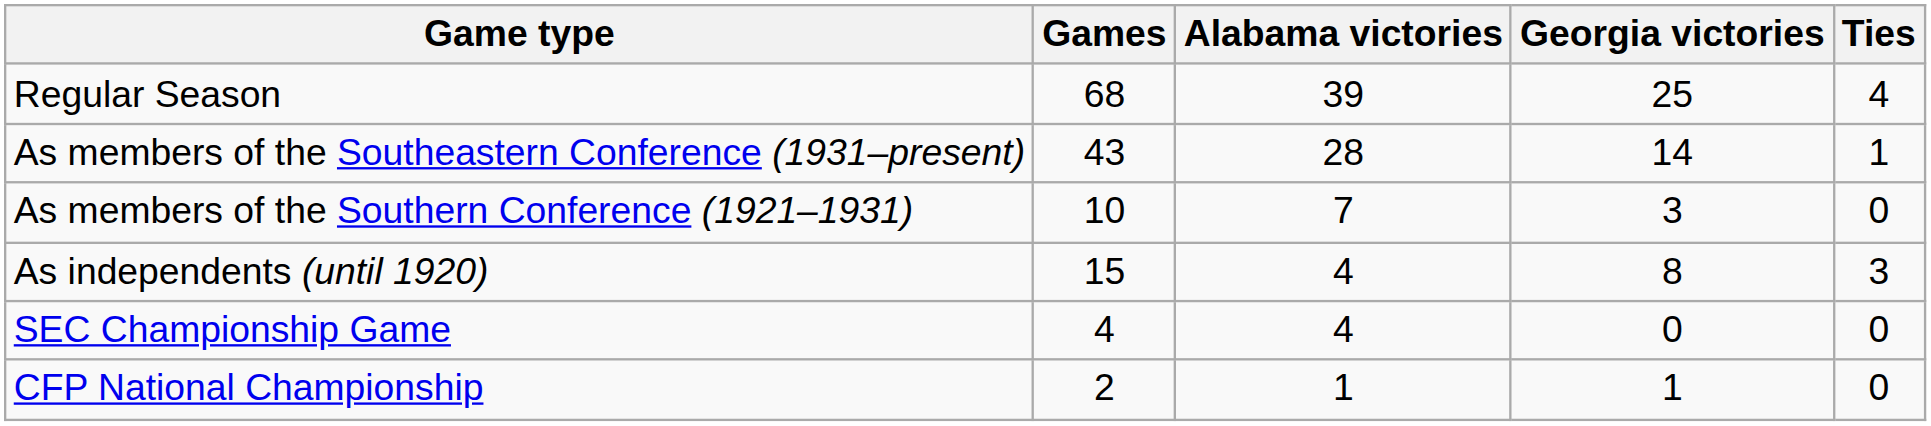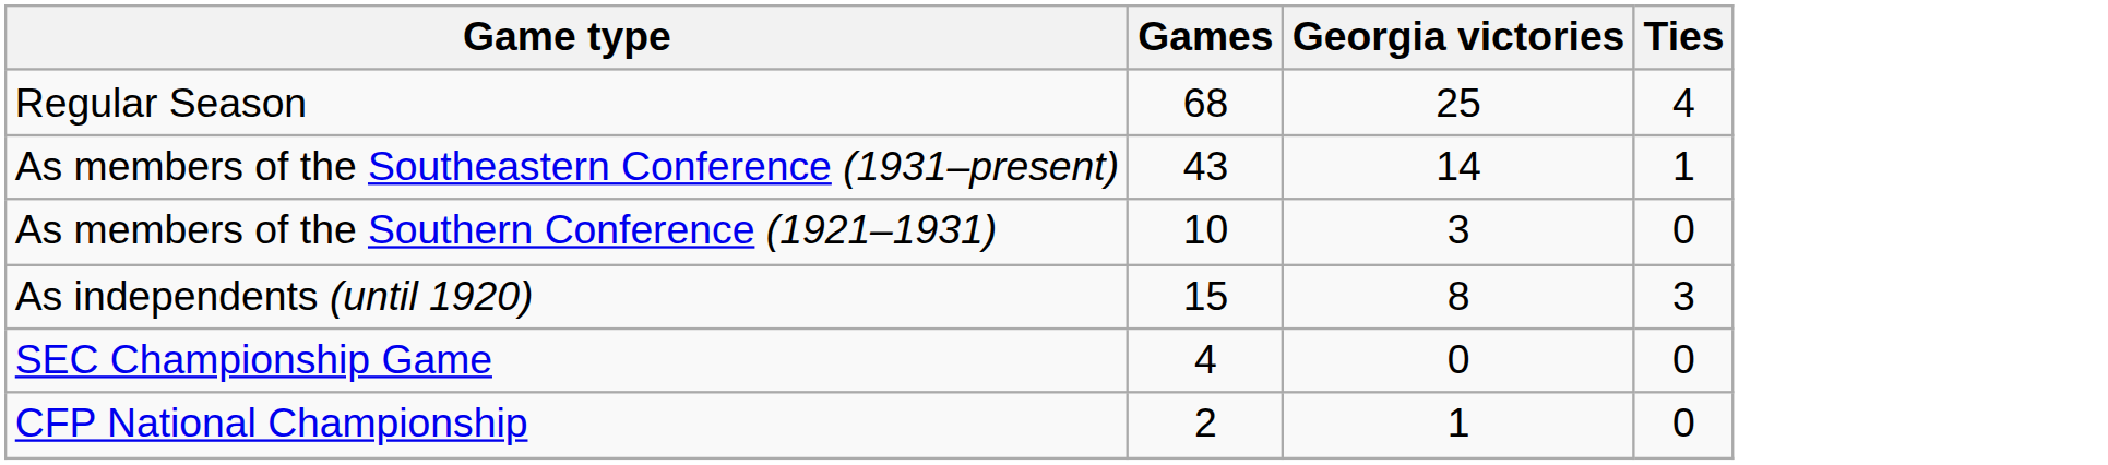 <table class="wikitable">
 <tr>
 <th>Game type</th>
 <th>Games</th>
-<th>Alabama victories</th>
 <th>Georgia victories</th>
 <th>Ties</th>
 </tr>
 <tr>
 <td>Regular Season</td>
 <td style="text-align:center;">68</td>
-<td style="text-align:center;">39</td>
 <td style="text-align:center;">25</td>
 <td style="text-align:center;">4</td>
 </tr>
 <tr>
 <td>As members of the <a href='#'>Southeastern Conference</a> <em>(1931–present)</em></td>
 <td style="text-align:center;">43</td>
-<td style="text-align:center;">28</td>
 <td style="text-align:center;">14</td>
 <td style="text-align:center;">1</td>
 </tr>
 <tr>
 <td>As members of the <a href='#'>Southern Conference</a> <em>(1921–1931)</em></td>
 <td style="text-align:center;">10</td>
-<td style="text-align:center;">7</td>
 <td style="text-align:center;">3</td>
 <td style="text-align:center;">0</td>
 </tr>
 <tr>
 <td>As independents <em>(until 1920)</em></td>
 <td style="text-align:center;">15</td>
-<td style="text-align:center;">4</td>
 <td style="text-align:center;">8</td>
 <td style="text-align:center;">3</td>
 </tr>
 <tr>
 <td><a href='#'>SEC Championship Game</a></td>
-<td style="text-align:center;">4</td>
 <td style="text-align:center;">4</td>
 <td style="text-align:center;">0</td>
 <td style="text-align:center;">0</td>
 </tr>
 <tr>
 <td><a href='#'>CFP National Championship</a></td>
 <td style="text-align:center;">2</td>
 <td style="text-align:center;">1</td>
-<td style="text-align:center;">1</td>
 <td style="text-align:center;">0</td>
 </tr>
 </table>
